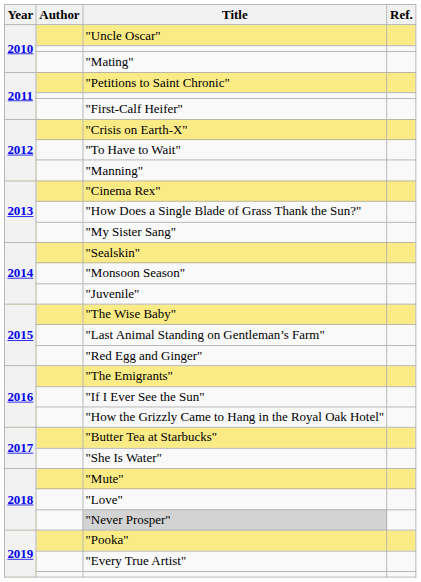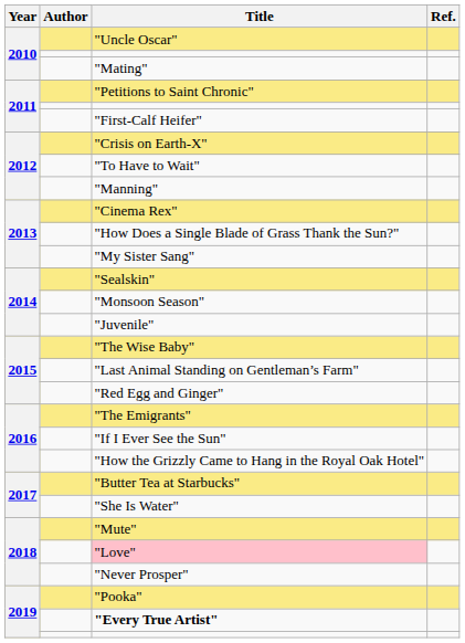 <table class="wikitable sortable mw-collapsible">
 <tr>
 <th>Year</th>
 <th>Author</th>
 <th>Title</th>
 <th>Ref.</th>
 </tr>
 <tr style="background:#FAEB86">
 <th rowspan="3"><a href='#'>2010</a></th>
 <td></td>
 <td>"Uncle Oscar"</td>
 <td></td>
 </tr>
 <tr>
 <td></td>
 <td></td>
 <td></td>
 </tr>
 <tr>
 <td></td>
 <td>"Mating"</td>
 <td></td>
 </tr>
 <tr style="background:#FAEB86">
 <th rowspan="3"><a href='#'>2011</a></th>
 <td></td>
 <td>"Petitions to Saint Chronic"</td>
 <td></td>
 </tr>
 <tr>
 <td></td>
 <td></td>
 <td></td>
 </tr>
 <tr>
 <td></td>
 <td>"First-Calf Heifer"</td>
 <td></td>
 </tr>
 <tr style="background:#FAEB86">
 <th rowspan="3"><a href='#'>2012</a></th>
 <td></td>
 <td>"Crisis on Earth-X"</td>
 <td></td>
 </tr>
 <tr>
 <td></td>
 <td>"To Have to Wait"</td>
 <td></td>
 </tr>
 <tr>
 <td></td>
 <td>"Manning"</td>
 <td></td>
 </tr>
 <tr style="background:#FAEB86">
 <th rowspan="3"><a href='#'>2013</a></th>
 <td></td>
 <td>"Cinema Rex"</td>
 <td></td>
 </tr>
 <tr>
 <td></td>
 <td>"How Does a Single Blade of Grass Thank the Sun?"</td>
 <td></td>
 </tr>
 <tr>
 <td></td>
 <td>"My Sister Sang"</td>
 <td></td>
 </tr>
 <tr style="background:#FAEB86">
 <th rowspan="3"><a href='#'>2014</a></th>
 <td></td>
 <td>"Sealskin"</td>
 <td></td>
 </tr>
 <tr>
 <td></td>
 <td>"Monsoon Season"</td>
 <td></td>
 </tr>
 <tr>
 <td></td>
 <td>"Juvenile"</td>
 <td></td>
 </tr>
 <tr style="background:#FAEB86">
 <th rowspan="3"><a href='#'>2015</a></th>
 <td></td>
 <td>"The Wise Baby"</td>
 <td></td>
 </tr>
 <tr>
 <td></td>
 <td>"Last Animal Standing on Gentleman’s Farm"</td>
 <td></td>
 </tr>
 <tr>
 <td></td>
 <td>"Red Egg and Ginger"</td>
 <td></td>
 </tr>
 <tr style="background:#FAEB86">
 <th rowspan="3"><a href='#'>2016</a></th>
 <td></td>
 <td>"The Emigrants"</td>
 <td></td>
 </tr>
 <tr>
 <td></td>
 <td>"If I Ever See the Sun"</td>
 <td></td>
 </tr>
 <tr>
 <td></td>
 <td>"How the Grizzly Came to Hang in the Royal Oak Hotel"</td>
 <td></td>
 </tr>
 <tr style="background:#FAEB86">
 <th rowspan="2"><a href='#'>2017</a></th>
 <td></td>
 <td>"Butter Tea at Starbucks"</td>
 <td></td>
 </tr>
 <tr>
 <td></td>
 <td>"She Is Water"</td>
 <td></td>
 </tr>
 <tr style="background:#FAEB86">
 <th rowspan="3"><a href='#'>2018</a></th>
 <td></td>
 <td>"Mute"</td>
 <td></td>
 </tr>
 <tr>
 <td></td>
-<td>"Love"</td>
+<td style="background: pink;">"Love"</td>
 <td></td>
 </tr>
 <tr>
 <td></td>
-<td style="background: lightgrey;">"Never Prosper"</td>
+<td>"Never Prosper"</td>
 <td></td>
 </tr>
 <tr style="background:#FAEB86">
 <th rowspan="3"><a href='#'>2019</a></th>
 <td></td>
 <td>"Pooka"</td>
 <td></td>
 </tr>
 <tr>
 <td></td>
-<td>"Every True Artist"</td>
+<td><strong>"Every True Artist"</strong></td>
 <td></td>
 </tr>
 <tr>
 <td></td>
 <td></td>
 <td></td>
 </tr>
 </table>
